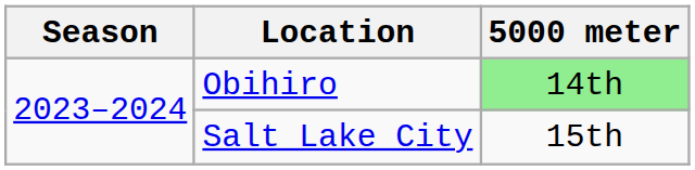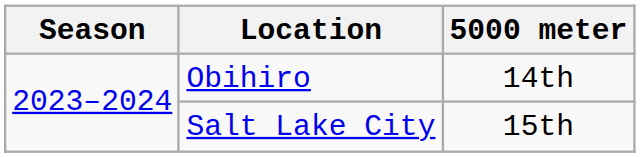 <table class="wikitable" style="display: inline-table;">
 <tr>
 <th>Season</th>
 <th>Location</th>
 <th colspan="1">5000 meter</th>
 </tr>
 <tr style="text-align:center">
 <td rowspan=2><a href='#'>2023–2024</a></td>
 <td align=left> <a href='#'>Obihiro</a></td>
-<td style="background: lightgreen;">14th</td>
+<td>14th</td>
 </tr>
 <tr style="text-align:center">
 <td align=left> <a href='#'>Salt Lake City</a></td>
 <td>15th</td>
 </tr>
 </table>
